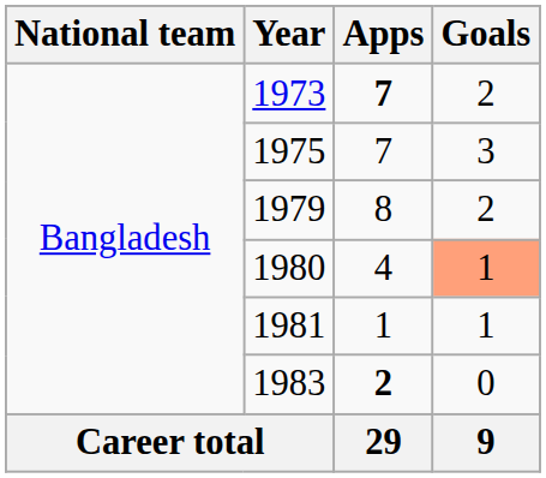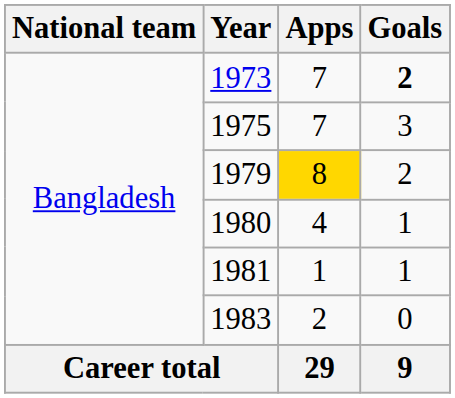 <table class="wikitable" style="text-align:center">
 <tr>
 <th>National team</th>
 <th>Year</th>
 <th>Apps</th>
 <th>Goals</th>
 </tr>
 <tr>
 <td rowspan=6><a href='#'>Bangladesh</a></td>
 <td><a href='#'>1973</a></td>
-<td><strong>7</strong></td>
-<td>2</td>
+<td>7</td>
+<td><strong>2</strong></td>
 </tr>
 <tr>
 <td>1975</td>
 <td>7</td>
 <td>3</td>
 </tr>
 <tr>
 <td>1979</td>
-<td>8</td>
+<td style="background: gold;">8</td>
 <td>2</td>
 </tr>
 <tr>
 <td>1980</td>
 <td>4</td>
-<td style="background: lightsalmon;">1</td>
+<td>1</td>
 </tr>
 <tr>
 <td>1981</td>
 <td>1</td>
 <td>1</td>
 </tr>
 <tr>
 <td>1983</td>
-<td><strong>2</strong></td>
+<td>2</td>
 <td>0</td>
 </tr>
 <tr>
 <th colspan=2>Career total</th>
 <th>29</th>
 <th>9</th>
 </tr>
 </table>
